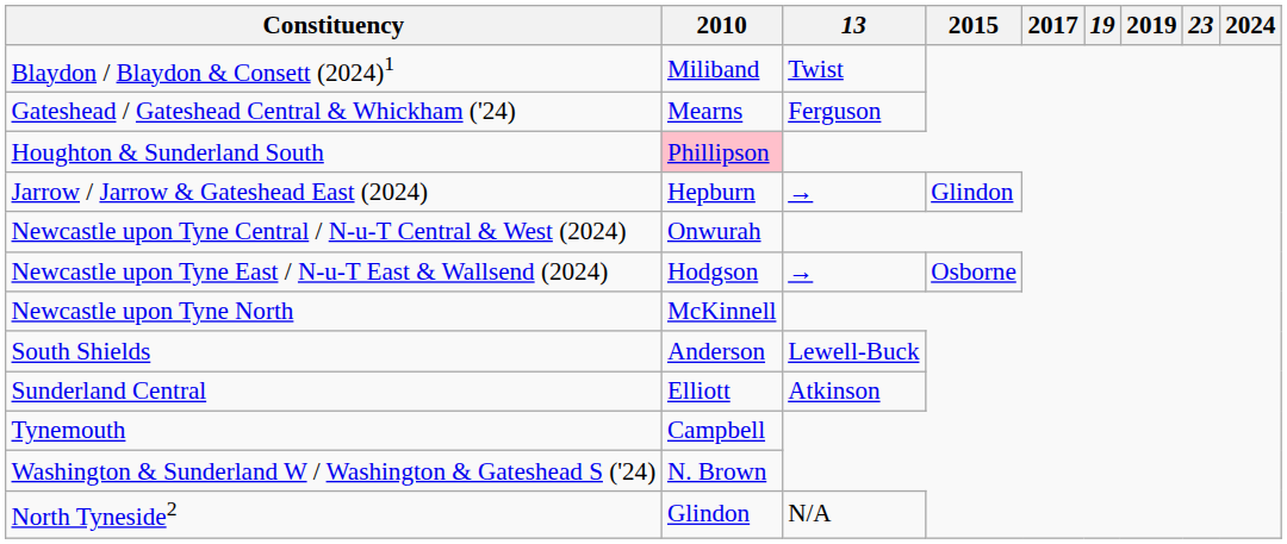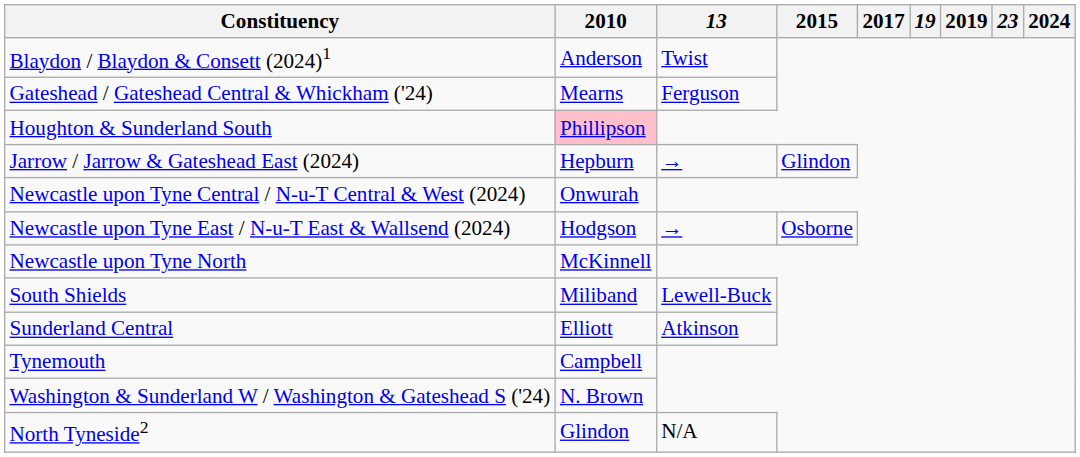 <table class="wikitable">
 <tr>
 <th>Constituency</th>
 <th>2010</th>
 <th><em>13</em></th>
 <th>2015</th>
 <th>2017</th>
 <th><em>19</em></th>
 <th>2019</th>
 <th><em>23</em></th>
 <th>2024</th>
 </tr>
 <tr>
 <td><a href='#'>Blaydon</a> / <a href='#'>Blaydon & Consett</a> (2024)<sup>1</sup></td>
-<td><a href='#'>Miliband</a></td>
+<td><a href='#'>Anderson</a></td>
 <td><a href='#'>Twist</a></td>
 </tr>
 <tr>
 <td><a href='#'>Gateshead</a> / <a href='#'>Gateshead Central & Whickham</a> ('24)</td>
 <td><a href='#'>Mearns</a></td>
 <td><a href='#'>Ferguson</a></td>
 </tr>
 <tr>
 <td><a href='#'>Houghton & Sunderland South</a></td>
 <td style="background: pink;"><a href='#'>Phillipson</a></td>
 </tr>
 <tr>
 <td><a href='#'>Jarrow</a> / <a href='#'>Jarrow & Gateshead East</a> (2024)</td>
 <td><a href='#'>Hepburn</a></td>
 <td><a href='#'>→</a></td>
 <td><a href='#'>Glindon</a></td>
 </tr>
 <tr>
 <td><a href='#'>Newcastle upon Tyne Central</a> / <a href='#'>N-u-T Central & West</a> (2024)</td>
 <td><a href='#'>Onwurah</a></td>
 </tr>
 <tr>
 <td><a href='#'>Newcastle upon Tyne East</a> / <a href='#'>N-u-T East & Wallsend</a> (2024)</td>
 <td><a href='#'>Hodgson</a></td>
 <td><a href='#'>→</a></td>
 <td><a href='#'>Osborne</a></td>
 </tr>
 <tr>
 <td><a href='#'>Newcastle upon Tyne North</a></td>
 <td><a href='#'>McKinnell</a></td>
 </tr>
 <tr>
 <td><a href='#'>South Shields</a></td>
-<td><a href='#'>Anderson</a></td>
+<td><a href='#'>Miliband</a></td>
 <td><a href='#'>Lewell-Buck</a></td>
 </tr>
 <tr>
 <td><a href='#'>Sunderland Central</a></td>
 <td><a href='#'>Elliott</a></td>
 <td><a href='#'>Atkinson</a></td>
 </tr>
 <tr>
 <td><a href='#'>Tynemouth</a></td>
 <td><a href='#'>Campbell</a></td>
 </tr>
 <tr>
 <td><a href='#'>Washington & Sunderland W</a> / <a href='#'>Washington & Gateshead S</a> ('24)</td>
 <td><a href='#'>N. Brown</a></td>
 </tr>
 <tr>
 <td><a href='#'>North Tyneside</a><sup>2</sup></td>
 <td><a href='#'>Glindon</a></td>
 <td>N/A</td>
 </tr>
 </table>
